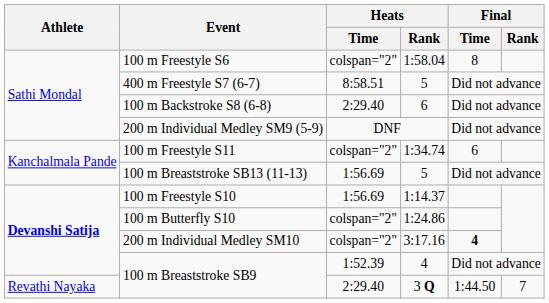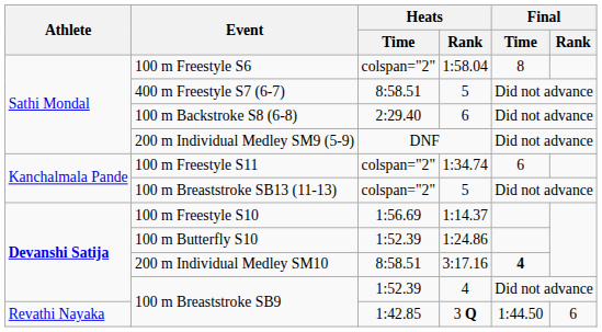 <table class="wikitable" style="text-align:center; font-size:90%">
 <tr>
 <th rowspan="2">Athlete</th>
 <th rowspan="2">Event</th>
 <th colspan="2">Heats</th>
 <th colspan="2">Final</th>
 </tr>
 <tr>
 <th>Time</th>
 <th>Rank</th>
 <th>Time</th>
 <th>Rank</th>
 </tr>
 <tr>
 <td align=left rowspan=4><a href='#'>Sathi Mondal</a></td>
 <td align=left>100 m Freestyle S6</td>
 <td>colspan="2" </td>
 <td>1:58.04</td>
 <td>8</td>
 </tr>
 <tr>
 <td align=left>400 m Freestyle S7 (6-7)</td>
 <td>8:58.51</td>
 <td>5</td>
 <td colspan="2">Did not advance</td>
 </tr>
 <tr>
 <td align=left>100 m Backstroke S8 (6-8)</td>
 <td>2:29.40</td>
 <td>6</td>
 <td colspan="2">Did not advance</td>
 </tr>
 <tr>
 <td align=left>200 m Individual Medley SM9 (5-9)</td>
 <td colspan="2">DNF</td>
 <td colspan="2">Did not advance</td>
 </tr>
 <tr>
 <td align=left rowspan=2><a href='#'>Kanchalmala Pande</a></td>
 <td align=left>100 m Freestyle S11</td>
 <td>colspan="2" </td>
 <td>1:34.74</td>
 <td>6</td>
 </tr>
 <tr>
 <td align=left>100 m Breaststroke SB13 (11-13)</td>
-<td>1:56.69</td>
+<td>colspan="2" </td>
 <td>5</td>
 <td align=left colspan="2">Did not advance</td>
 </tr>
 <tr>
 <td align=left rowspan=4><strong><a href='#'>Devanshi Satija</a></strong></td>
 <td align=left>100 m Freestyle S10</td>
 <td>1:56.69</td>
 <td>1:14.37</td>
 <td></td>
 </tr>
 <tr>
 <td align=left>100 m Butterfly S10</td>
-<td>colspan="2" </td>
+<td>1:52.39</td>
 <td>1:24.86</td>
 <td></td>
 </tr>
 <tr>
 <td align=left>200 m Individual Medley SM10</td>
-<td>colspan="2" </td>
+<td>8:58.51</td>
 <td>3:17.16</td>
 <td><strong>4</strong></td>
 </tr>
 <tr>
 <td align=left rowspan="2">100 m Breaststroke SB9</td>
 <td>1:52.39</td>
 <td>4</td>
 <td colspan="2">Did not advance</td>
 </tr>
 <tr>
 <td align=left><a href='#'>Revathi Nayaka</a></td>
-<td>2:29.40</td>
+<td>1:42.85</td>
 <td>3 <strong>Q</strong></td>
 <td>1:44.50</td>
-<td>7</td>
+<td>6</td>
 </tr>
 </table>
